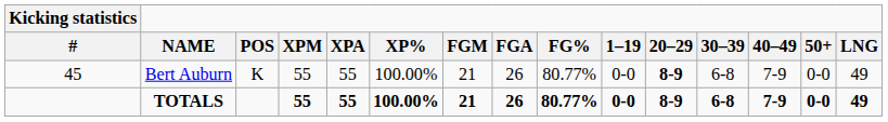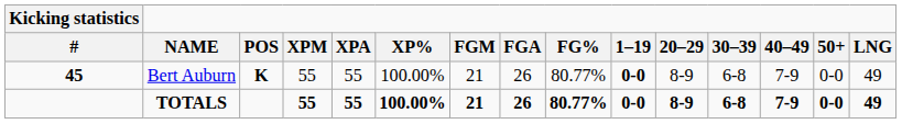 <table style="text-align:center;" class="wikitable">
 <tr>
 <th style="text-align:center; ">Kicking statistics</th>
 </tr>
 <tr>
 <th>#</th>
 <th>NAME</th>
 <th>POS</th>
 <th>XPM</th>
 <th>XPA</th>
 <th>XP%</th>
 <th>FGM</th>
 <th>FGA</th>
 <th>FG%</th>
 <th>1–19</th>
 <th>20–29</th>
 <th>30–39</th>
 <th>40–49</th>
 <th>50+</th>
 <th>LNG</th>
 </tr>
 <tr>
-<td>45</td>
+<td><strong>45</strong></td>
 <td><a href='#'>Bert Auburn</a></td>
-<td>K</td>
+<td><strong>K</strong></td>
 <td>55</td>
 <td>55</td>
 <td>100.00%</td>
 <td>21</td>
 <td>26</td>
 <td>80.77%</td>
-<td>0-0</td>
-<td><strong>8-9</strong></td>
+<td><strong>0-0</strong></td>
+<td>8-9</td>
 <td>6-8</td>
 <td>7-9</td>
 <td>0-0</td>
 <td>49</td>
 </tr>
 <tr>
 <td></td>
 <td><strong>TOTALS</strong></td>
 <td></td>
 <td><strong>55</strong></td>
 <td><strong>55</strong></td>
 <td><strong>100.00%</strong></td>
 <td><strong>21</strong></td>
 <td><strong>26</strong></td>
 <td><strong>80.77%</strong></td>
 <td><strong>0-0</strong></td>
 <td><strong>8-9</strong></td>
 <td><strong>6-8</strong></td>
 <td><strong>7-9</strong></td>
 <td><strong>0-0</strong></td>
 <td><strong>49</strong></td>
 </tr>
 </table>
